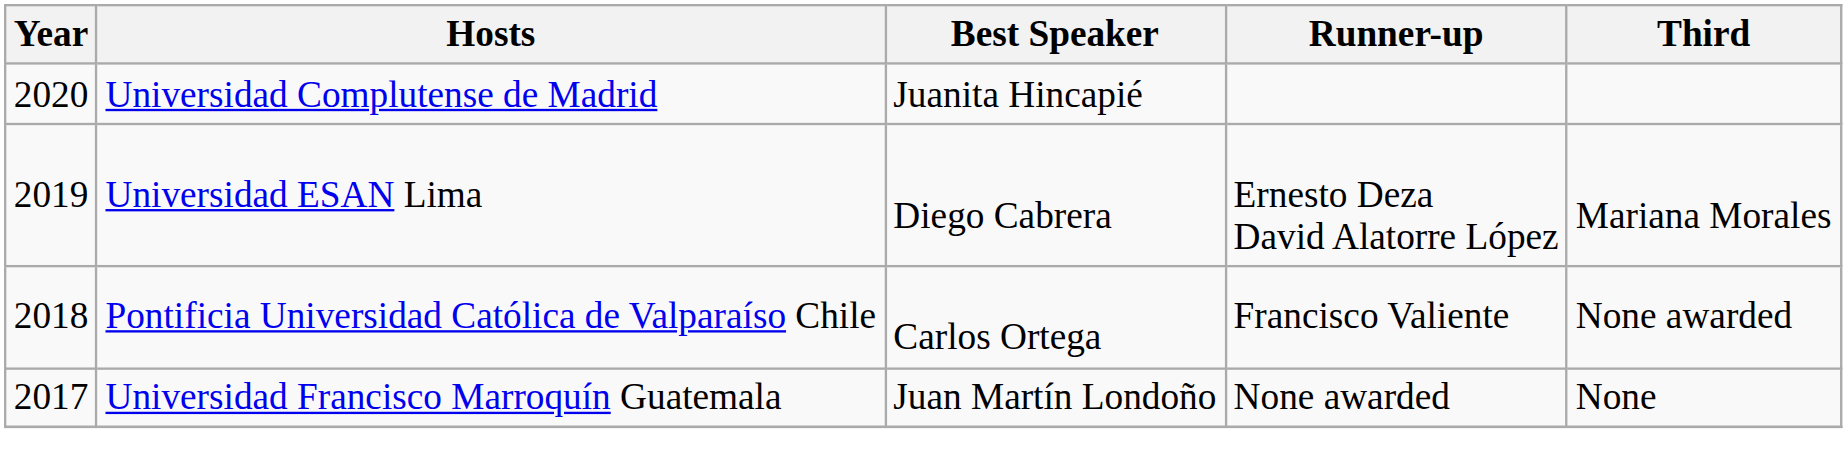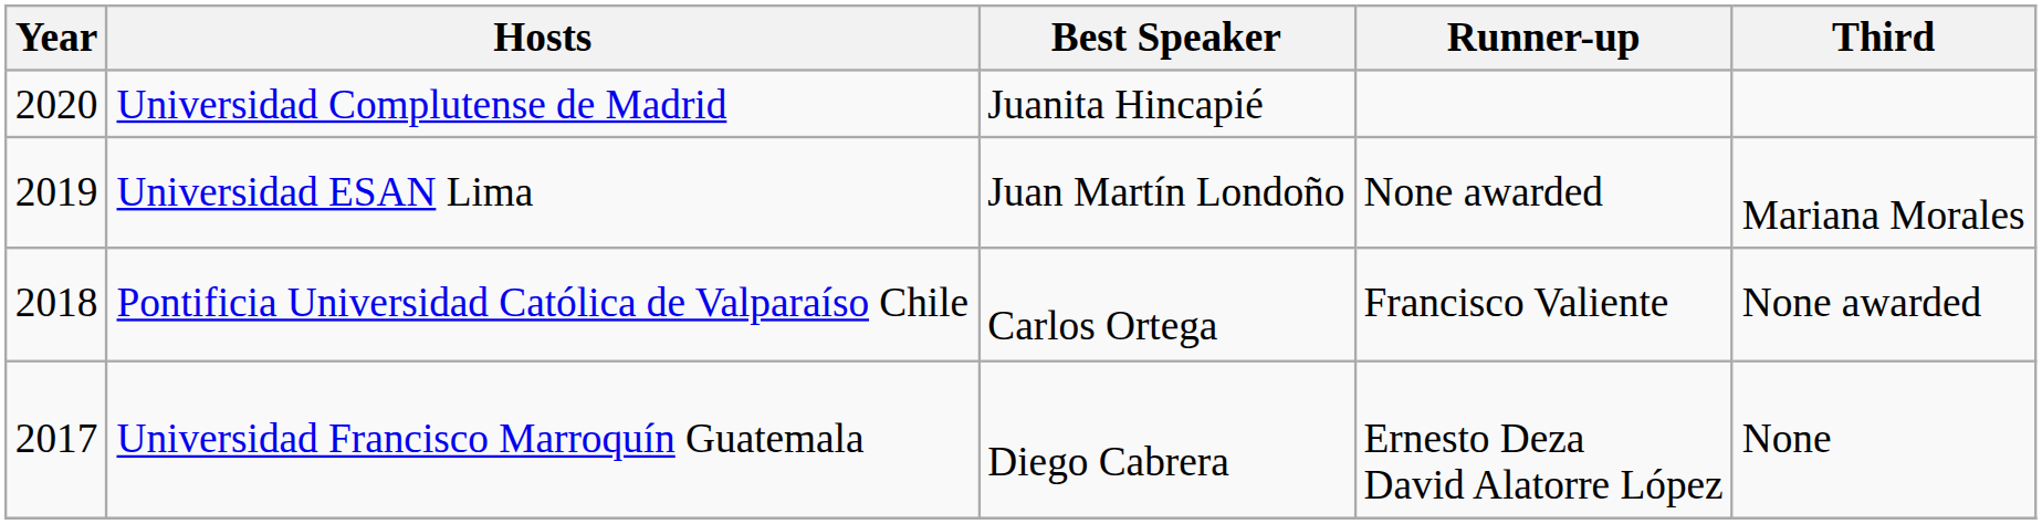 <table class="wikitable collapsible">
 <tr>
 <th>Year</th>
 <th>Hosts</th>
 <th>Best Speaker</th>
 <th>Runner-up</th>
 <th>Third</th>
 </tr>
 <tr>
 <td>2020</td>
 <td> <a href='#'>Universidad Complutense de Madrid</a></td>
 <td> Juanita Hincapié</td>
 <td></td>
 <td></td>
 </tr>
 <tr>
 <td>2019</td>
 <td> <a href='#'>Universidad ESAN</a> Lima</td>
-<td><br>Diego Cabrera</td>
-<td><br>Ernesto Deza<br>  David Alatorre López</td>
+<td> Juan Martín Londoño</td>
+<td>None awarded</td>
 <td><br>Mariana Morales</td>
 </tr>
 <tr>
 <td>2018</td>
 <td> <a href='#'>Pontificia Universidad Católica de Valparaíso</a> Chile</td>
 <td><br>Carlos Ortega</td>
 <td> Francisco Valiente</td>
 <td>None awarded</td>
 </tr>
 <tr>
 <td>2017</td>
 <td> <a href='#'>Universidad Francisco Marroquín</a> Guatemala</td>
-<td> Juan Martín Londoño</td>
-<td>None awarded</td>
+<td><br>Diego Cabrera</td>
+<td><br>Ernesto Deza<br>  David Alatorre López</td>
 <td>None</td>
 </tr>
 <tr>
 </tr>
 </table>
